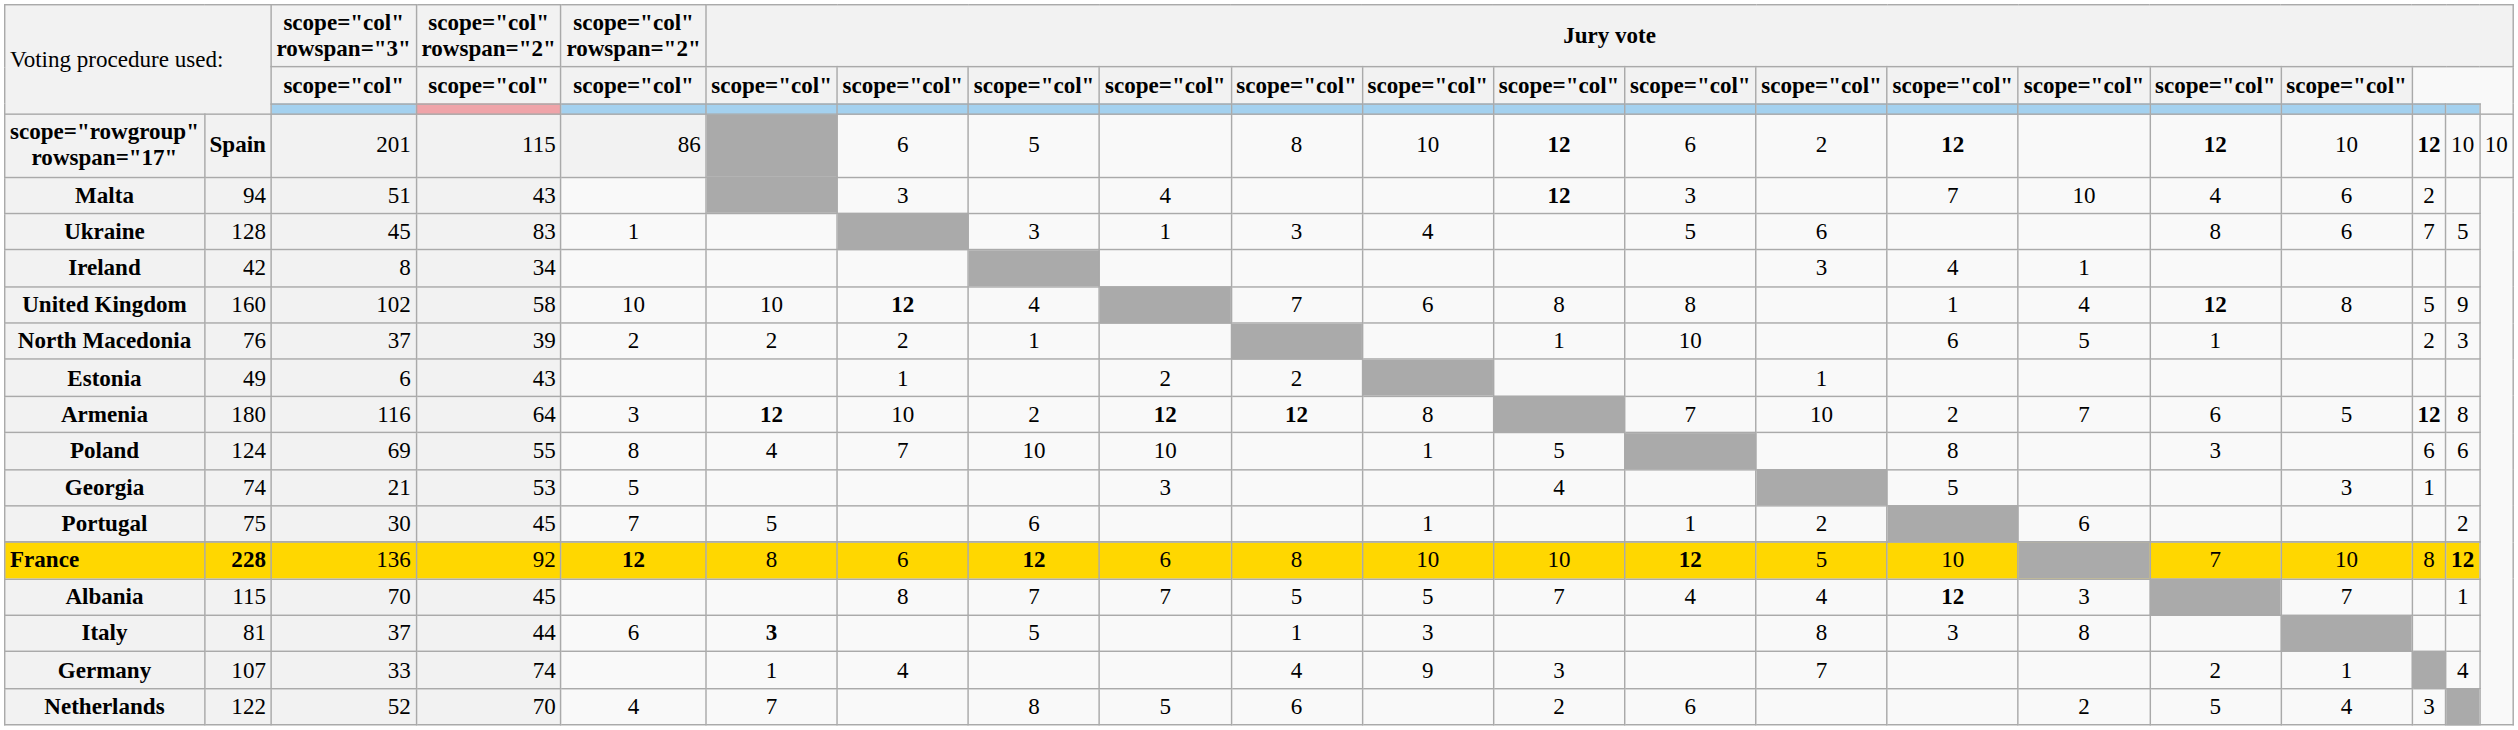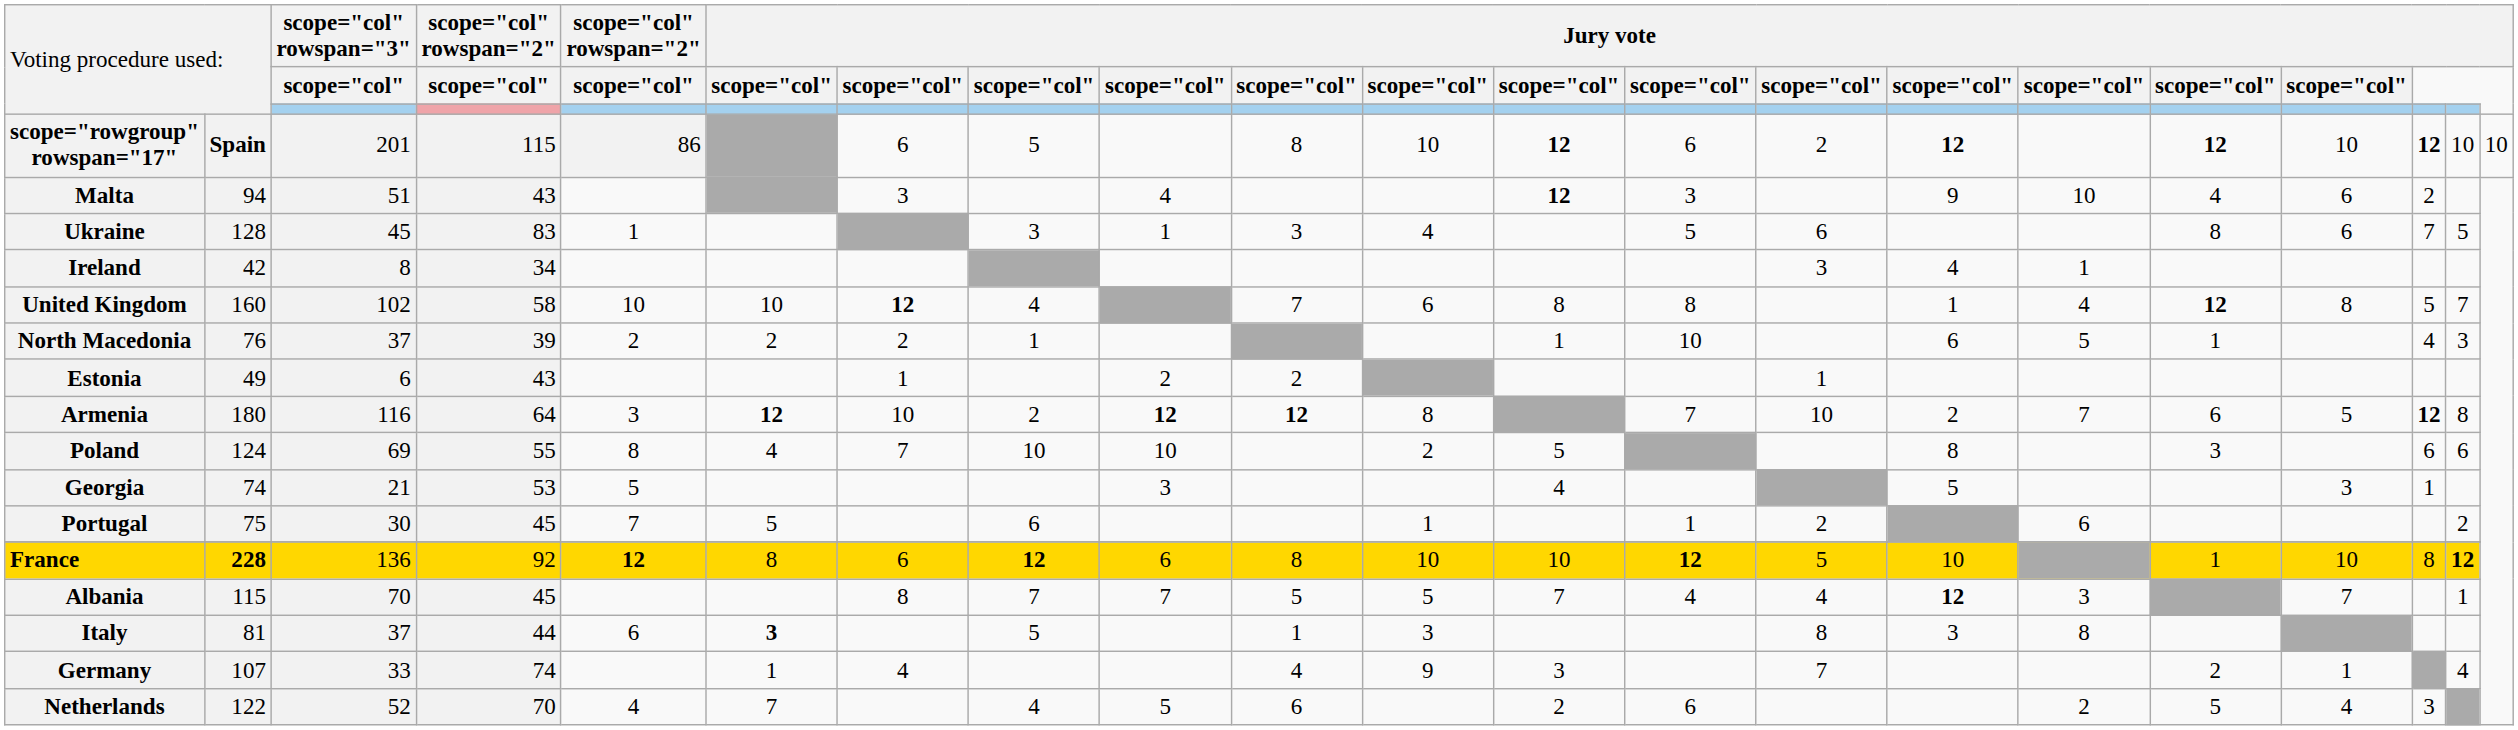 <table class="wikitable plainrowheaders" style="text-align: center;">
 <tr>
 <td colspan="2" rowspan="3" style="text-align: left; background: #F2F2F2;">Voting procedure used:<br></td>
 <th>scope="col" rowspan="3" </th>
 <th>scope="col" rowspan="2" </th>
 <th>scope="col" rowspan="2" </th>
 <th scope="colgroup" colspan="16">Jury vote</th>
 </tr>
 <tr>
 <th>scope="col" </th>
 <th>scope="col" </th>
 <th>scope="col" </th>
 <th>scope="col" </th>
 <th>scope="col" </th>
 <th>scope="col" </th>
 <th>scope="col" </th>
 <th>scope="col" </th>
 <th>scope="col" </th>
 <th>scope="col" </th>
 <th>scope="col" </th>
 <th>scope="col" </th>
 <th>scope="col" </th>
 <th>scope="col" </th>
 <th>scope="col" </th>
 <th>scope="col" </th>
 </tr>
 <tr>
 <td style="background: #A4D1EF;"></td>
 <td style="background: #EFA4A9;"></td>
 <td style="background: #A4D1EF;"></td>
 <td style="background: #A4D1EF;"></td>
 <td style="background: #A4D1EF;"></td>
 <td style="background: #A4D1EF;"></td>
 <td style="background: #A4D1EF;"></td>
 <td style="background: #A4D1EF;"></td>
 <td style="background: #A4D1EF;"></td>
 <td style="background: #A4D1EF;"></td>
 <td style="background: #A4D1EF;"></td>
 <td style="background: #A4D1EF;"></td>
 <td style="background: #A4D1EF;"></td>
 <td style="background: #A4D1EF;"></td>
 <td style="background: #A4D1EF;"></td>
 <td style="background: #A4D1EF;"></td>
 <td style="background: #A4D1EF;"></td>
 <td style="background: #A4D1EF;"></td>
 </tr>
 <tr>
 <th>scope="rowgroup" rowspan="17" </th>
 <th scope="row" style="background: #f2f2f2;">Spain</th>
 <td style="text-align: right; background: #f2f2f2;">201</td>
 <td style="text-align: right; background: #f2f2f2;">115</td>
 <td style="text-align: right; background: #f2f2f2;">86</td>
 <td style="background: #aaa;"></td>
 <td>6</td>
 <td>5</td>
 <td></td>
 <td>8</td>
 <td>10</td>
 <td><strong>12</strong></td>
 <td>6</td>
 <td>2</td>
 <td><strong>12</strong></td>
 <td></td>
 <td><strong>12</strong></td>
 <td>10</td>
 <td><strong>12</strong></td>
 <td>10</td>
 <td>10</td>
 </tr>
 <tr>
 <th scope="row" style="background: #f2f2f2;">Malta</th>
 <td style="text-align: right; background: #f2f2f2;">94</td>
 <td style="text-align: right; background: #f2f2f2;">51</td>
 <td style="text-align: right; background: #f2f2f2;">43</td>
 <td></td>
 <td style="background: #aaa;"></td>
 <td>3</td>
 <td></td>
 <td>4</td>
 <td></td>
 <td></td>
 <td><strong>12</strong></td>
 <td>3</td>
 <td></td>
-<td>7</td>
+<td>9</td>
 <td>10</td>
 <td>4</td>
 <td>6</td>
 <td>2</td>
 <td></td>
 </tr>
 <tr>
 <th scope="row" style="background: #f2f2f2;">Ukraine</th>
 <td style="text-align: right; background: #f2f2f2;">128</td>
 <td style="text-align: right; background: #f2f2f2;">45</td>
 <td style="text-align: right; background: #f2f2f2;">83</td>
 <td>1</td>
 <td></td>
 <td style="background: #aaa;"></td>
 <td>3</td>
 <td>1</td>
 <td>3</td>
 <td>4</td>
 <td></td>
 <td>5</td>
 <td>6</td>
 <td></td>
 <td></td>
 <td>8</td>
 <td>6</td>
 <td>7</td>
 <td>5</td>
 </tr>
 <tr>
 <th scope="row" style="background: #f2f2f2;">Ireland</th>
 <td style="text-align: right; background: #f2f2f2;">42</td>
 <td style="text-align: right; background: #f2f2f2;">8</td>
 <td style="text-align: right; background: #f2f2f2;">34</td>
 <td></td>
 <td></td>
 <td></td>
 <td style="background: #aaa;"></td>
 <td></td>
 <td></td>
 <td></td>
 <td></td>
 <td></td>
 <td>3</td>
 <td>4</td>
 <td>1</td>
 <td></td>
 <td></td>
 <td></td>
 <td></td>
 </tr>
 <tr>
 <th scope="row" style="background: #f2f2f2;">United Kingdom</th>
 <td style="text-align: right; background: #f2f2f2;">160</td>
 <td style="text-align: right; background: #f2f2f2;">102</td>
 <td style="text-align: right; background: #f2f2f2;">58</td>
 <td>10</td>
 <td>10</td>
 <td><strong>12</strong></td>
 <td>4</td>
 <td style="background: #aaa;"></td>
 <td>7</td>
 <td>6</td>
 <td>8</td>
 <td>8</td>
 <td></td>
 <td>1</td>
 <td>4</td>
 <td><strong>12</strong></td>
 <td>8</td>
 <td>5</td>
-<td>9</td>
+<td>7</td>
 </tr>
 <tr>
 <th scope="row" style="background: #f2f2f2;">North Macedonia</th>
 <td style="text-align: right; background: #f2f2f2;">76</td>
 <td style="text-align: right; background: #f2f2f2;">37</td>
 <td style="text-align: right; background: #f2f2f2;">39</td>
 <td>2</td>
 <td>2</td>
 <td>2</td>
 <td>1</td>
 <td></td>
 <td style="background: #aaa;"></td>
 <td></td>
 <td>1</td>
 <td>10</td>
 <td></td>
 <td>6</td>
 <td>5</td>
 <td>1</td>
 <td></td>
-<td>2</td>
+<td>4</td>
 <td>3</td>
 </tr>
 <tr>
 <th scope="row" style="background: #f2f2f2;">Estonia</th>
 <td style="text-align: right; background: #f2f2f2;">49</td>
 <td style="text-align: right; background: #f2f2f2;">6</td>
 <td style="text-align: right; background: #f2f2f2;">43</td>
 <td></td>
 <td></td>
 <td>1</td>
 <td></td>
 <td>2</td>
 <td>2</td>
 <td style="background: #aaa;"></td>
 <td></td>
 <td></td>
 <td>1</td>
 <td></td>
 <td></td>
 <td></td>
 <td></td>
 <td></td>
 <td></td>
 </tr>
 <tr>
 <th scope="row" style="background: #f2f2f2;">Armenia</th>
 <td style="text-align: right; background: #f2f2f2;">180</td>
 <td style="text-align: right; background: #f2f2f2;">116</td>
 <td style="text-align: right; background: #f2f2f2;">64</td>
 <td>3</td>
 <td><strong>12</strong></td>
 <td>10</td>
 <td>2</td>
 <td><strong>12</strong></td>
 <td><strong>12</strong></td>
 <td>8</td>
 <td style="background: #aaa;"></td>
 <td>7</td>
 <td>10</td>
 <td>2</td>
 <td>7</td>
 <td>6</td>
 <td>5</td>
 <td><strong>12</strong></td>
 <td>8</td>
 </tr>
 <tr>
 <th scope="row" style="background: #f2f2f2;">Poland</th>
 <td style="text-align: right; background: #f2f2f2;">124</td>
 <td style="text-align: right; background: #f2f2f2;">69</td>
 <td style="text-align: right; background: #f2f2f2;">55</td>
 <td>8</td>
 <td>4</td>
 <td>7</td>
 <td>10</td>
 <td>10</td>
 <td></td>
-<td>1</td>
+<td>2</td>
 <td>5</td>
 <td style="background: #aaa;"></td>
 <td></td>
 <td>8</td>
 <td></td>
 <td>3</td>
 <td></td>
 <td>6</td>
 <td>6</td>
 </tr>
 <tr>
 <th scope="row" style="background: #f2f2f2;">Georgia</th>
 <td style="text-align: right; background: #f2f2f2;">74</td>
 <td style="text-align: right; background: #f2f2f2;">21</td>
 <td style="text-align: right; background: #f2f2f2;">53</td>
 <td>5</td>
 <td></td>
 <td></td>
 <td></td>
 <td>3</td>
 <td></td>
 <td></td>
 <td>4</td>
 <td></td>
 <td style="background: #aaa;"></td>
 <td>5</td>
 <td></td>
 <td></td>
 <td>3</td>
 <td>1</td>
 <td></td>
 </tr>
 <tr>
 <th scope="row" style="background: #f2f2f2;">Portugal</th>
 <td style="text-align: right; background: #f2f2f2;">75</td>
 <td style="text-align: right; background: #f2f2f2;">30</td>
 <td style="text-align: right; background: #f2f2f2;">45</td>
 <td>7</td>
 <td>5</td>
 <td></td>
 <td>6</td>
 <td></td>
 <td></td>
 <td>1</td>
 <td></td>
 <td>1</td>
 <td>2</td>
 <td style="background: #aaa;"></td>
 <td>6</td>
 <td></td>
 <td></td>
 <td></td>
 <td>2</td>
 </tr>
 <tr>
 </tr>
 <tr style="background:gold;">
 <th scope="row" style="text-align:left; font-weight:bold; background:gold;">France</th>
 <td style="text-align: right; background:gold;"><strong>228</strong></td>
 <td style="text-align: right; background:gold;">136</td>
 <td style="text-align: right; background:gold;">92</td>
 <td><strong>12</strong></td>
 <td>8</td>
 <td>6</td>
 <td><strong>12</strong></td>
 <td>6</td>
 <td>8</td>
 <td>10</td>
 <td>10</td>
 <td><strong>12</strong></td>
 <td>5</td>
 <td>10</td>
 <td style="background: #aaa;"></td>
-<td>7</td>
+<td>1</td>
 <td>10</td>
 <td>8</td>
 <td><strong>12</strong></td>
 </tr>
 <tr>
 <th scope="row" style="background: #f2f2f2;">Albania</th>
 <td style="text-align: right; background: #f2f2f2;">115</td>
 <td style="text-align: right; background: #f2f2f2;">70</td>
 <td style="text-align: right; background: #f2f2f2;">45</td>
 <td></td>
 <td></td>
 <td>8</td>
 <td>7</td>
 <td>7</td>
 <td>5</td>
 <td>5</td>
 <td>7</td>
 <td>4</td>
 <td>4</td>
 <td><strong>12</strong></td>
 <td>3</td>
 <td style="background: #aaa;"></td>
 <td>7</td>
 <td></td>
 <td>1</td>
 </tr>
 <tr>
 <th scope="row" style="background: #f2f2f2;">Italy</th>
 <td style="text-align: right; background: #f2f2f2;">81</td>
 <td style="text-align: right; background: #f2f2f2;">37</td>
 <td style="text-align: right; background: #f2f2f2;">44</td>
 <td>6</td>
 <td><strong>3</strong></td>
 <td></td>
 <td>5</td>
 <td></td>
 <td>1</td>
 <td>3</td>
 <td></td>
 <td></td>
 <td>8</td>
 <td>3</td>
 <td>8</td>
 <td></td>
 <td style="background: #aaa;"></td>
 <td></td>
 <td></td>
 </tr>
 <tr>
 <th scope="row" style="background: #f2f2f2;">Germany</th>
 <td style="text-align: right; background: #f2f2f2;">107</td>
 <td style="text-align: right; background: #f2f2f2;">33</td>
 <td style="text-align: right; background: #f2f2f2;">74</td>
 <td></td>
 <td>1</td>
 <td>4</td>
 <td></td>
 <td></td>
 <td>4</td>
 <td>9</td>
 <td>3</td>
 <td></td>
 <td>7</td>
 <td></td>
 <td></td>
 <td>2</td>
 <td>1</td>
 <td style="background: #aaa;"></td>
 <td>4</td>
 </tr>
 <tr>
 <th scope="row" style="background: #f2f2f2;">Netherlands</th>
 <td style="text-align: right; background: #f2f2f2;">122</td>
 <td style="text-align: right; background: #f2f2f2;">52</td>
 <td style="text-align: right; background: #f2f2f2;">70</td>
 <td>4</td>
 <td>7</td>
 <td></td>
-<td>8</td>
+<td>4</td>
 <td>5</td>
 <td>6</td>
 <td></td>
 <td>2</td>
 <td>6</td>
 <td></td>
 <td></td>
 <td>2</td>
 <td>5</td>
 <td>4</td>
 <td>3</td>
 <td style="background: #aaa;"></td>
 </tr>
 </table>
